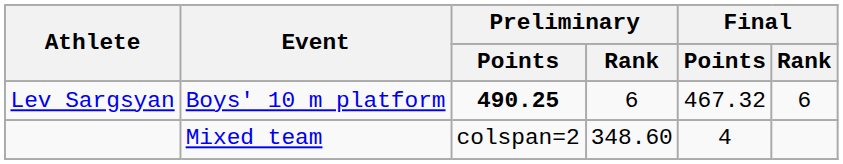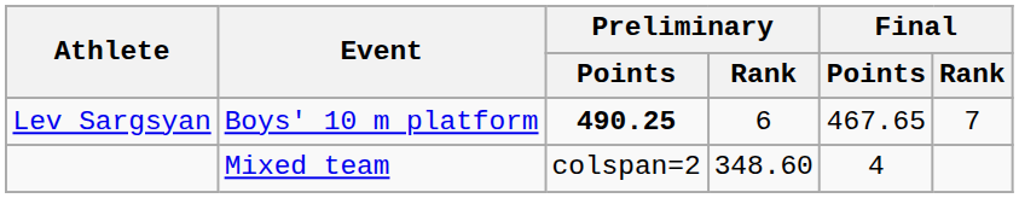 <table class="wikitable" style="font-size:90%;">
 <tr>
 <th rowspan=2>Athlete</th>
 <th rowspan=2>Event</th>
 <th colspan=2>Preliminary</th>
 <th colspan=2>Final</th>
 </tr>
 <tr>
 <th>Points</th>
 <th>Rank</th>
 <th>Points</th>
 <th>Rank</th>
 </tr>
 <tr align=center>
 <td align=left><a href='#'>Lev Sargsyan</a></td>
 <td align=left><a href='#'>Boys' 10 m platform</a></td>
 <td><strong>490.25</strong></td>
 <td>6</td>
-<td>467.32</td>
-<td>6</td>
+<td>467.65</td>
+<td>7</td>
 </tr>
 <tr align=center>
 <td align=left><br></td>
 <td align=left><a href='#'>Mixed team</a></td>
 <td>colspan=2 </td>
 <td>348.60</td>
 <td>4</td>
 </tr>
 </table>
